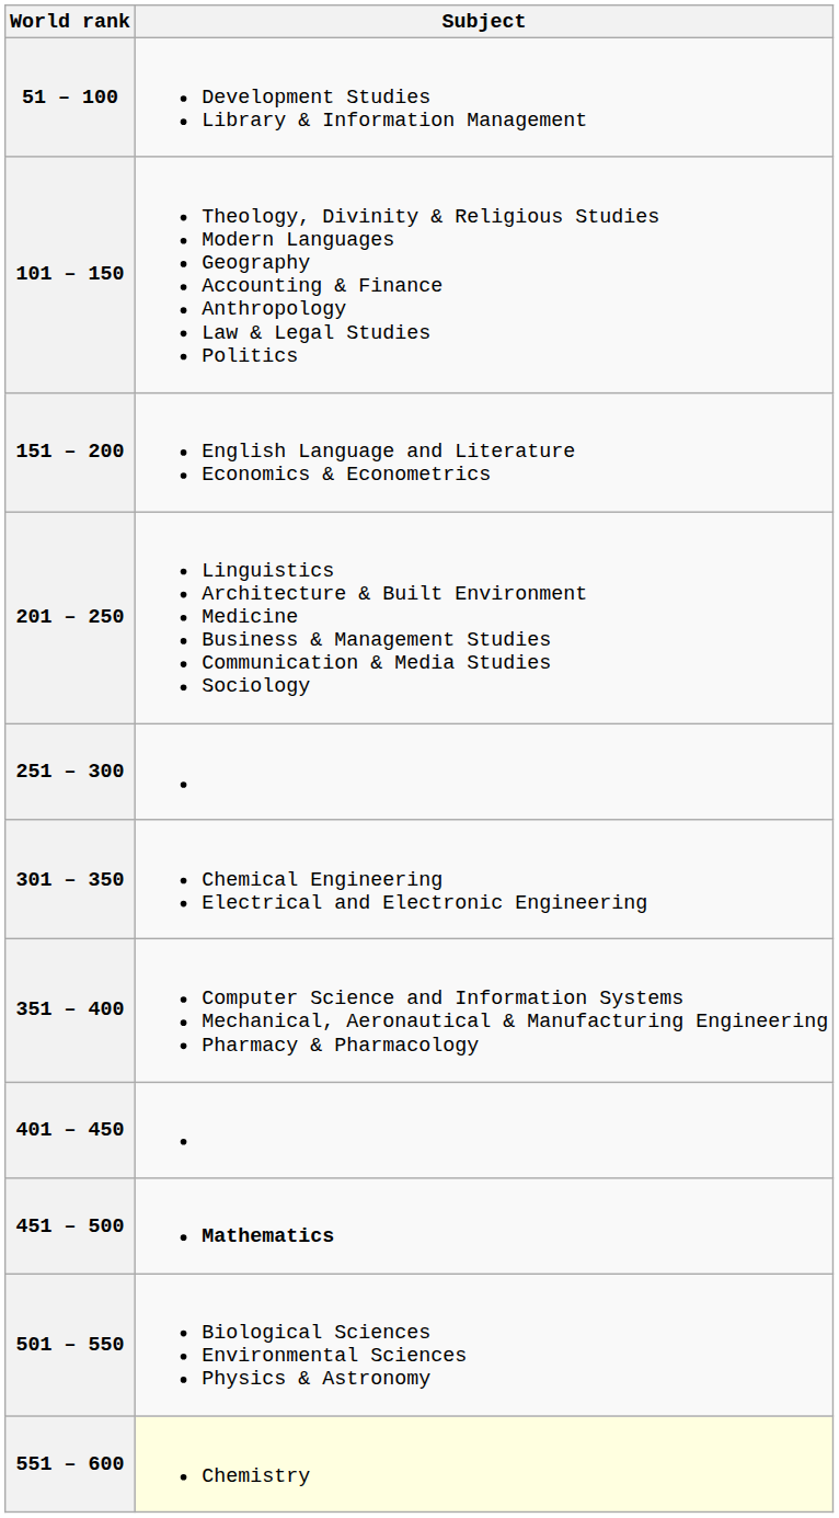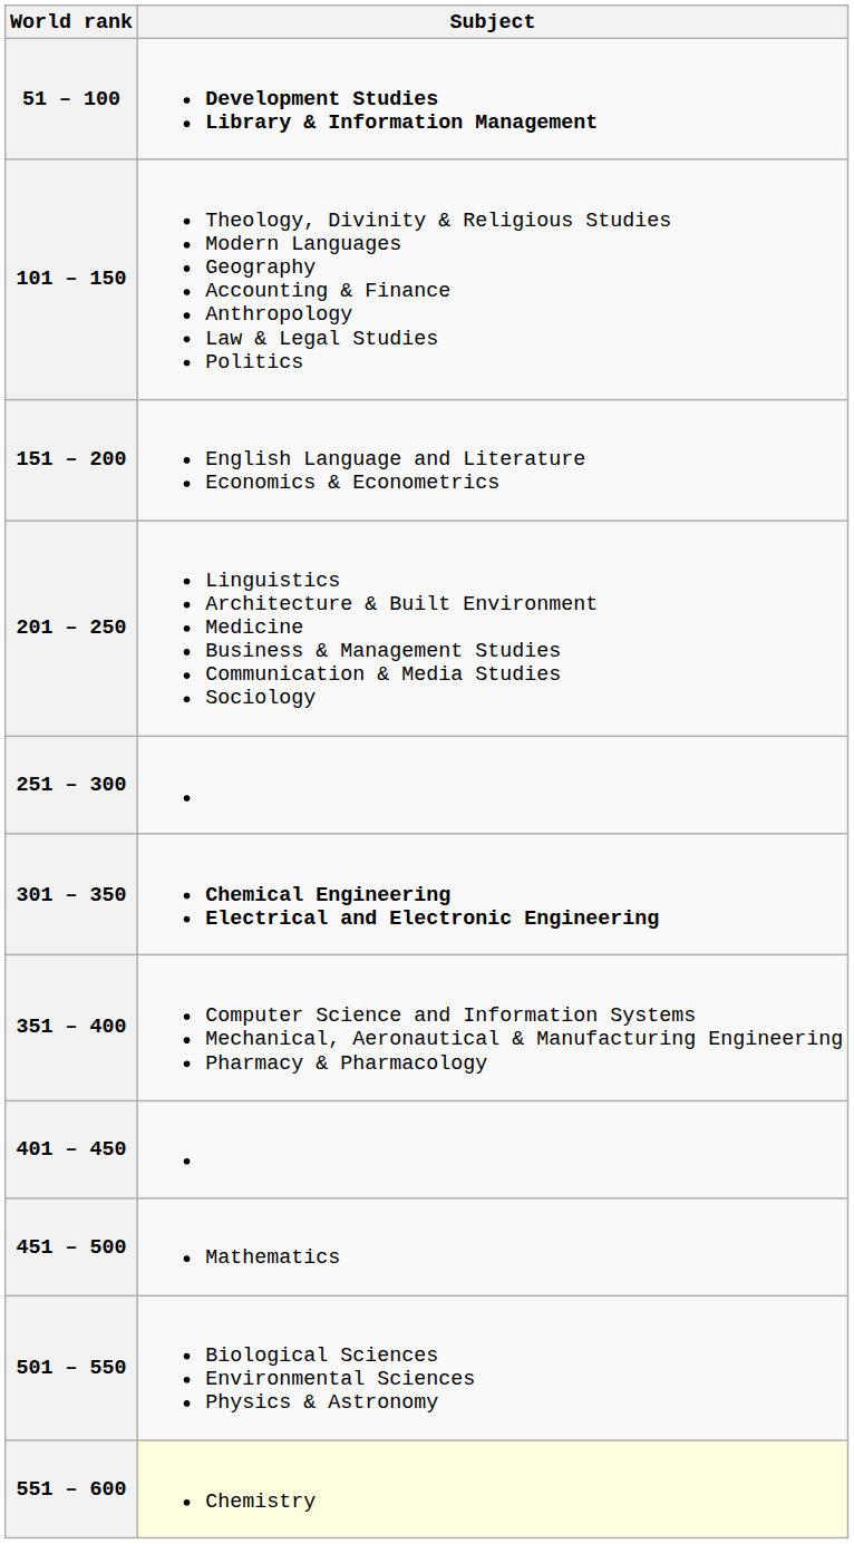 <table class="wikitable">
 <tr>
 <th>World rank</th>
 <th>Subject</th>
 </tr>
 <tr>
 <th><strong>51 – 100</strong></th>
-<td><br><ul><li>Development Studies</li><li>Library & Information Management</li></ul></td>
+<td><strong><br><ul><li>Development Studies</li><li>Library & Information Management</li></ul></strong></td>
 </tr>
 <tr>
 <th><strong>101 – 150</strong></th>
 <td><br><ul><li>Theology, Divinity & Religious Studies</li><li>Modern Languages</li><li>Geography</li><li>Accounting & Finance</li><li>Anthropology</li><li>Law & Legal Studies</li><li>Politics</li></ul></td>
 </tr>
 <tr>
 <th><strong>151 – 200</strong></th>
 <td><br><ul><li>English Language and Literature</li><li>Economics & Econometrics</li></ul></td>
 </tr>
 <tr>
 <th><strong>201 – 250</strong></th>
 <td><br><ul><li>Linguistics</li><li>Architecture & Built Environment</li><li>Medicine</li><li>Business & Management Studies</li><li>Communication & Media Studies</li><li>Sociology</li></ul></td>
 </tr>
 <tr>
 <th><strong>251 – 300</strong></th>
 <td><br><ul><li></li></ul></td>
 </tr>
 <tr>
 <th><strong>301 – 350</strong></th>
-<td><br><ul><li>Chemical Engineering</li><li>Electrical and Electronic Engineering</li></ul></td>
+<td><strong><br><ul><li>Chemical Engineering</li><li>Electrical and Electronic Engineering</li></ul></strong></td>
 </tr>
 <tr>
 <th><strong>351 – 400</strong></th>
 <td><br><ul><li>Computer Science and Information Systems</li><li>Mechanical, Aeronautical & Manufacturing Engineering</li><li>Pharmacy & Pharmacology</li></ul></td>
 </tr>
 <tr>
 <th><strong>401 – 450</strong></th>
 <td><br><ul><li></li></ul></td>
 </tr>
 <tr>
 <th><strong>451 – 500</strong></th>
-<td><strong><br><ul><li>Mathematics</li></ul></strong></td>
+<td><br><ul><li>Mathematics</li></ul></td>
 </tr>
 <tr>
 <th><strong>501 – 550</strong></th>
 <td><br><ul><li>Biological Sciences</li><li>Environmental Sciences</li><li>Physics & Astronomy</li></ul></td>
 </tr>
 <tr>
 <th><strong>551 – 600</strong></th>
 <td style="background: lightyellow;"><br><ul><li>Chemistry</li></ul></td>
 </tr>
 </table>
